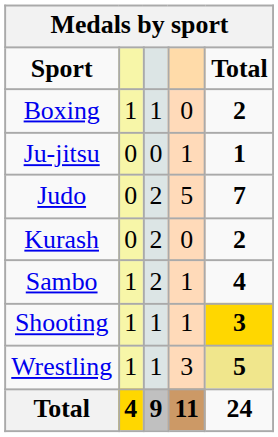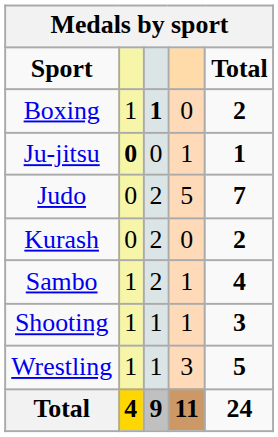 <table class=wikitable style="font-size:85%; float:right;text-align:center">
 <tr bgcolor=EFEFEF>
 <th colspan=7>Medals by sport</th>
 </tr>
 <tr>
 <td><strong>Sport</strong></td>
 <td bgcolor=F7F6A8></td>
 <td bgcolor=DCE5E5></td>
 <td bgcolor=FFDBA9></td>
 <td><strong>Total</strong></td>
 </tr>
 <tr>
 <td><a href='#'>Boxing</a></td>
 <td bgcolor=F7F6A8>1</td>
-<td bgcolor=DCE5E5>1</td>
+<td bgcolor=DCE5E5><strong>1</strong></td>
 <td bgcolor=FFDAB9>0</td>
 <td><strong>2</strong></td>
 </tr>
 <tr>
 <td><a href='#'>Ju-jitsu</a></td>
-<td bgcolor=F7F6A8>0</td>
+<td bgcolor=F7F6A8><strong>0</strong></td>
 <td bgcolor=DCE5E5>0</td>
 <td bgcolor=FFDAB9>1</td>
 <td><strong>1</strong></td>
 </tr>
 <tr>
 <td><a href='#'>Judo</a></td>
 <td bgcolor=F7F6A8>0</td>
 <td bgcolor=DCE5E5>2</td>
 <td bgcolor=FFDAB9>5</td>
 <td><strong>7</strong></td>
 </tr>
 <tr>
 <td><a href='#'>Kurash</a></td>
 <td bgcolor=F7F6A8>0</td>
 <td bgcolor=DCE5E5>2</td>
 <td bgcolor=FFDAB9>0</td>
 <td><strong>2</strong></td>
 </tr>
 <tr>
 <td><a href='#'>Sambo</a></td>
 <td bgcolor=F7F6A8>1</td>
 <td bgcolor=DCE5E5>2</td>
 <td bgcolor=FFDAB9>1</td>
 <td><strong>4</strong></td>
 </tr>
 <tr>
 <td><a href='#'>Shooting</a></td>
 <td bgcolor=F7F6A8>1</td>
 <td bgcolor=DCE5E5>1</td>
 <td bgcolor=FFDAB9>1</td>
-<td style="background: gold;"><strong>3</strong></td>
+<td><strong>3</strong></td>
 </tr>
 <tr>
 <td><a href='#'>Wrestling</a></td>
 <td bgcolor=F7F6A8>1</td>
 <td bgcolor=DCE5E5>1</td>
 <td bgcolor=FFDAB9>3</td>
-<td style="background: khaki;"><strong>5</strong></td>
+<td><strong>5</strong></td>
 </tr>
 <tr>
 <th>Total</th>
 <td style="background:gold;"><strong>4</strong></td>
 <td style="background:silver;"><strong>9</strong></td>
 <td style="background:#c96;"><strong>11</strong></td>
 <td><strong>24</strong></td>
 </tr>
 </table>
